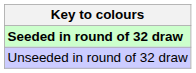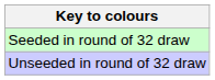 <table class="wikitable">
 <tr>
 <th>Key to colours</th>
 </tr>
 <tr bgcolor="#ccffcc">
-<td><strong>Seeded in round of 32 draw</strong></td>
+<td>Seeded in round of 32 draw</td>
 </tr>
 <tr bgcolor="#ccccff">
 <td>Unseeded in round of 32 draw</td>
 </tr>
 </table>
